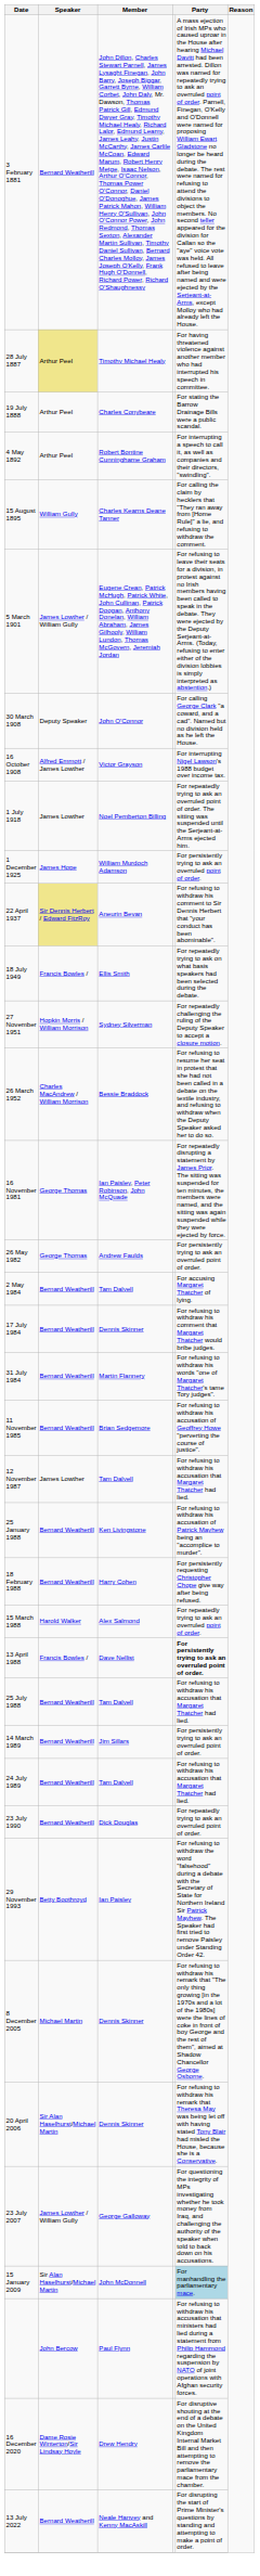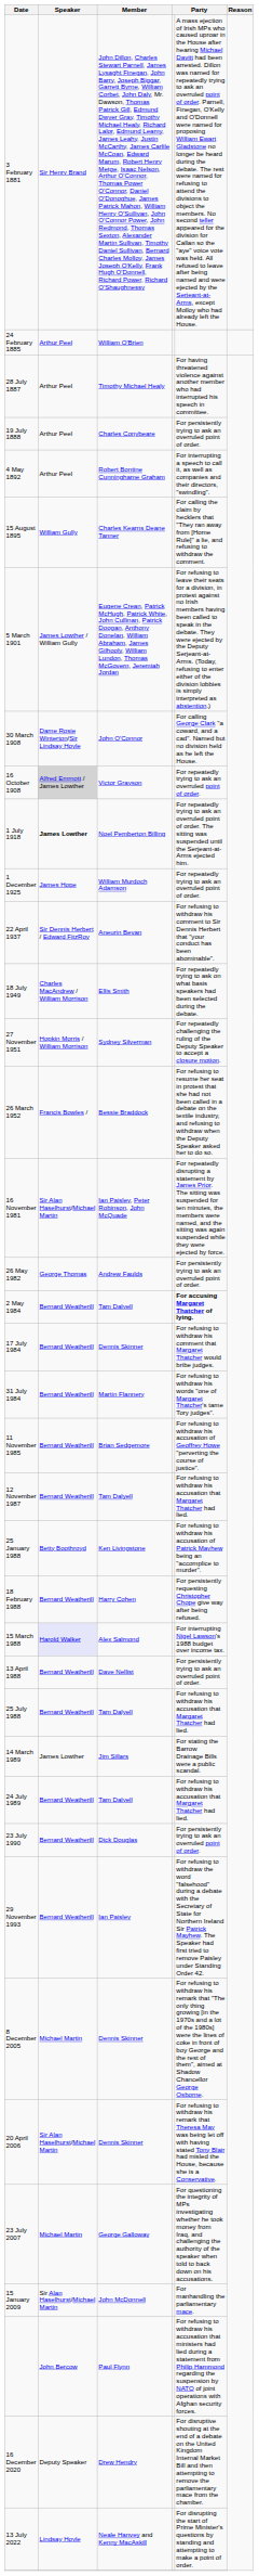 <table class="wikitable" style="float: left;">
 <tr>
 <th>Date</th>
 <th>Speaker</th>
 <th width=30%>Member</th>
 <th colspan=2>Party</th>
 <th>Reason</th>
 </tr>
 <tr>
 <td>3 February 1881</td>
-<td><a href='#'>Bernard Weatherill</a></td>
+<td><a href='#'>Sir Henry Brand</a></td>
 <td><a href='#'>John Dillon</a>, <a href='#'>Charles Stewart Parnell</a>, <a href='#'>James Lysaght Finegan</a>, <a href='#'>John Barry</a>, <a href='#'>Joseph Biggar</a>, <a href='#'>Garrett Byrne</a>, <a href='#'>William Corbet</a>, <a href='#'>John Daly</a>, Mr. Dawson, <a href='#'>Thomas Patrick Gill</a>, <a href='#'>Edmund Dwyer Gray</a>, <a href='#'>Timothy Michael Healy</a>, <a href='#'>Richard Lalor</a>, <a href='#'>Edmund Leamy</a>, <a href='#'>James Leahy</a>, <a href='#'>Justin McCarthy</a>, <a href='#'>James Carlile McCoan</a>, <a href='#'>Edward Marum</a>, <a href='#'>Robert Henry Metge</a>, <a href='#'>Isaac Nelson</a>, <a href='#'>Arthur O'Connor</a>, <a href='#'>Thomas Power O'Connor</a>, <a href='#'>Daniel O'Donoghue</a>, <a href='#'>James Patrick Mahon</a>, <a href='#'>William Henry O'Sullivan</a>, <a href='#'>John O'Connor Power</a>, <a href='#'>John Redmond</a>, <a href='#'>Thomas Sexton</a>, <a href='#'>Alexander Martin Sullivan</a>, <a href='#'>Timothy Daniel Sullivan</a>, <a href='#'>Bernard Charles Molloy</a>, <a href='#'>James Joseph O'Kelly</a>, <a href='#'>Frank Hugh O'Donnell</a>, <a href='#'>Richard Power</a>, <a href='#'>Richard O'Shaughnessy</a></td>
 <td></td>
 <td>A mass ejection of Irish MPs who caused uproar in the House after hearing <a href='#'>Michael Davitt</a> had been arrested. Dillon was named for repeatedly trying to ask an overruled <a href='#'>point of order</a>. Parnell, Finegan, O'Kelly and O'Donnell were named for proposing <a href='#'>William Ewart Gladstone</a> no longer be heard during the debate. The rest were named for refusing to attend the divisions to object the members. No second <a href='#'>teller</a> appeared for the division for Callan so the "aye" voice vote was held. All refused to leave after being named and were ejected by the <a href='#'>Serjeant-at-Arms</a>, except Molloy who had already left the House.</td>
 </tr>
 <tr>
+<td>24 February 1885</td>
+<td><a href='#'>Arthur Peel</a></td>
+<td><a href='#'>William O'Brien</a></td>
+<td style="background-color: "></td>
+<td></td>
+<td></td>
+</tr>
+<tr>
 <td>28 July 1887</td>
-<td style="background: khaki;">Arthur Peel</td>
+<td>Arthur Peel</td>
 <td><a href='#'>Timothy Michael Healy</a></td>
 <td></td>
 <td>For having threatened violence against another member who had interrupted his speech in committee.</td>
 </tr>
 <tr>
 <td>19 July 1888</td>
 <td>Arthur Peel</td>
 <td><a href='#'>Charles Conybeare</a></td>
 <td></td>
-<td>For stating the Barrow Drainage Bills were a public scandal.</td>
+<td>For persistently trying to ask an overruled point of order.</td>
 </tr>
 <tr>
 <td>4 May 1892</td>
 <td>Arthur Peel</td>
 <td><a href='#'>Robert Bontine Cunninghame Graham</a></td>
 <td></td>
 <td>For interrupting a speech to call it, as well as companies and their directors, "swindling".</td>
 </tr>
 <tr>
 <td>15 August 1895</td>
 <td><a href='#'>William Gully</a></td>
 <td><a href='#'>Charles Kearns Deane Tanner</a></td>
 <td></td>
 <td>For calling the claim by hecklers that "They ran away from [Home Rule]" a lie, and refusing to withdraw the comment.</td>
 </tr>
 <tr>
 <td>5 March 1901</td>
 <td><a href='#'>James Lowther</a> / William Gully</td>
 <td><a href='#'>Eugene Crean</a>, <a href='#'>Patrick McHugh</a>, <a href='#'>Patrick White</a>, <a href='#'>John Cullinan</a>, <a href='#'>Patrick Doogan</a>, <a href='#'>Anthony Donelan</a>, <a href='#'>William Abraham</a>, <a href='#'>James Gilhooly</a>, <a href='#'>William Lundon</a>, <a href='#'>Thomas McGovern</a>, <a href='#'>Jeremiah Jordan</a></td>
 <td></td>
 <td>For refusing to leave their seats for a division, in protest against no Irish members having been called to speak in the debate. They were ejected by the Deputy Serjeant-at-Arms. (Today, refusing to enter either of the division lobbies is simply interpreted as <a href='#'>abstention</a>.)</td>
 </tr>
 <tr>
 <td>30 March 1908</td>
-<td>Deputy Speaker</td>
+<td><a href='#'>Dame Rosie Winterton</a>/<a href='#'>Sir Lindsay Hoyle</a></td>
 <td><a href='#'>John O'Connor</a></td>
 <td></td>
 <td>For calling <a href='#'>George Clark</a> "a coward, and a cad". Named but no division held as he left the House.</td>
 </tr>
 <tr>
 <td>16 October 1908</td>
-<td><a href='#'>Alfred Emmott</a> / James Lowther</td>
+<td style="background: lightgrey;"><a href='#'>Alfred Emmott</a> / James Lowther</td>
 <td><a href='#'>Victor Grayson</a></td>
 <td></td>
-<td>For interrupting <a href='#'>Nigel Lawson</a>'s 1988 budget over income tax.</td>
+<td>For repeatedly trying to ask an overruled <a href='#'>point of order</a>.</td>
 </tr>
 <tr>
 <td>1 July 1918</td>
-<td>James Lowther</td>
+<td><strong>James Lowther</strong></td>
 <td><a href='#'>Noel Pemberton Billing</a></td>
 <td></td>
 <td>For repeatedly trying to ask an overruled point of order. The sitting was suspended until the Serjeant-at-Arms ejected him.</td>
 </tr>
 <tr>
 <td>1 December 1925</td>
 <td><a href='#'>James Hope</a></td>
 <td><a href='#'>William Murdoch Adamson</a></td>
 <td></td>
-<td>For persistently trying to ask an overruled <a href='#'>point of order</a>.</td>
+<td>For repeatedly trying to ask an overruled point of order.</td>
 </tr>
 <tr>
 <td>22 April 1937</td>
-<td style="background: khaki;"><a href='#'>Sir Dennis Herbert</a> / <a href='#'>Edward FitzRoy</a></td>
+<td><a href='#'>Sir Dennis Herbert</a> / <a href='#'>Edward FitzRoy</a></td>
 <td><a href='#'>Aneurin Bevan</a></td>
 <td></td>
 <td>For refusing to withdraw his comment to Sir Dennis Herbert that "your conduct has been abominable".</td>
 </tr>
 <tr>
 <td>18 July 1949</td>
-<td><a href='#'>Francis Bowles</a> / </td>
+<td><a href='#'>Charles MacAndrew</a> / <a href='#'>William Morrison</a></td>
 <td><a href='#'>Ellis Smith</a></td>
 <td></td>
 <td>For repeatedly trying to ask on what basis speakers had been selected during the debate.</td>
 </tr>
 <tr>
 <td>27 November 1951</td>
 <td><a href='#'>Hopkin Morris</a> / <a href='#'>William Morrison</a></td>
 <td><a href='#'>Sydney Silverman</a></td>
 <td></td>
 <td>For repeatedly challenging the ruling of the Deputy Speaker to accept a <a href='#'>closure motion</a>.</td>
 </tr>
 <tr>
 <td>26 March 1952</td>
-<td><a href='#'>Charles MacAndrew</a> / <a href='#'>William Morrison</a></td>
+<td><a href='#'>Francis Bowles</a> / </td>
 <td><a href='#'>Bessie Braddock</a></td>
 <td></td>
 <td>For refusing to resume her seat in protest that she had not been called in a debate on the textile industry, and refusing to withdraw when the Deputy Speaker asked her to do so.</td>
 </tr>
 <tr>
 <td>16 November 1981</td>
-<td><a href='#'>George Thomas</a></td>
+<td><a href='#'>Sir Alan Haselhurst</a>/<a href='#'>Michael Martin</a></td>
 <td><a href='#'>Ian Paisley</a>, <a href='#'>Peter Robinson</a>, <a href='#'>John McQuade</a></td>
 <td></td>
 <td>For repeatedly disrupting a statement by <a href='#'>James Prior</a>. The sitting was suspended for ten minutes, the members were named, and the sitting was again suspended while they were ejected by force.</td>
 </tr>
 <tr>
 <td>26 May 1982</td>
 <td><a href='#'>George Thomas</a></td>
 <td><a href='#'>Andrew Faulds</a></td>
 <td></td>
 <td>For persistently trying to ask an overruled point of order.</td>
 </tr>
 <tr>
 <td>2 May 1984</td>
 <td><a href='#'>Bernard Weatherill</a></td>
 <td><a href='#'>Tam Dalyell</a></td>
 <td></td>
-<td>For accusing <a href='#'>Margaret Thatcher</a> of lying.</td>
+<td><strong>For accusing <a href='#'>Margaret Thatcher</a> of lying.</strong></td>
 </tr>
 <tr>
 <td>17 July 1984</td>
 <td><a href='#'>Bernard Weatherill</a></td>
 <td><a href='#'>Dennis Skinner</a></td>
 <td></td>
 <td>For refusing to withdraw his comment that <a href='#'>Margaret Thatcher</a> would bribe judges.</td>
 </tr>
 <tr>
 <td>31 July 1984</td>
 <td><a href='#'>Bernard Weatherill</a></td>
 <td><a href='#'>Martin Flannery</a></td>
 <td></td>
 <td>For refusing to withdraw his words "one of <a href='#'>Margaret Thatcher</a>'s tame Tory judges".</td>
 </tr>
 <tr>
 <td>11 November 1985</td>
 <td><a href='#'>Bernard Weatherill</a></td>
 <td><a href='#'>Brian Sedgemore</a></td>
 <td></td>
 <td>For refusing to withdraw his accusation of <a href='#'>Geoffrey Howe</a> "perverting the course of justice".</td>
 </tr>
 <tr>
 <td>12 November 1987</td>
-<td>James Lowther</td>
+<td><a href='#'>Bernard Weatherill</a></td>
 <td><a href='#'>Tam Dalyell</a></td>
 <td></td>
 <td>For refusing to withdraw his accusation that <a href='#'>Margaret Thatcher</a> had lied.</td>
 </tr>
 <tr>
 <td>25 January 1988</td>
-<td><a href='#'>Bernard Weatherill</a></td>
+<td><a href='#'>Betty Boothroyd</a></td>
 <td><a href='#'>Ken Livingstone</a></td>
 <td></td>
 <td>For refusing to withdraw his accusation of <a href='#'>Patrick Mayhew</a> being an "accomplice to murder".</td>
 </tr>
 <tr>
 <td>18 February 1988</td>
 <td><a href='#'>Bernard Weatherill</a></td>
 <td><a href='#'>Harry Cohen</a></td>
 <td></td>
 <td>For persistently requesting <a href='#'>Christopher Chope</a> give way after being refused.</td>
 </tr>
 <tr>
 <td>15 March 1988</td>
-<td><a href='#'>Harold Walker</a></td>
+<td style="background: lavender;"><a href='#'>Harold Walker</a></td>
 <td><a href='#'>Alex Salmond</a></td>
 <td></td>
-<td>For repeatedly trying to ask an overruled <a href='#'>point of order</a>.</td>
+<td>For interrupting <a href='#'>Nigel Lawson</a>'s 1988 budget over income tax.</td>
 </tr>
 <tr>
 <td>13 April 1988</td>
-<td><a href='#'>Francis Bowles</a> / </td>
+<td><a href='#'>Bernard Weatherill</a></td>
 <td><a href='#'>Dave Nellist</a></td>
 <td></td>
-<td><strong>For persistently trying to ask an overruled point of order.</strong></td>
+<td>For persistently trying to ask an overruled point of order.</td>
 </tr>
 <tr>
 <td>25 July 1988</td>
 <td><a href='#'>Bernard Weatherill</a></td>
 <td><a href='#'>Tam Dalyell</a></td>
 <td></td>
 <td>For refusing to withdraw his accusation that <a href='#'>Margaret Thatcher</a> had lied.</td>
 </tr>
 <tr>
 <td>14 March 1989</td>
-<td><a href='#'>Bernard Weatherill</a></td>
+<td>James Lowther</td>
 <td><a href='#'>Jim Sillars</a></td>
 <td></td>
-<td>For persistently trying to ask an overruled point of order.</td>
+<td>For stating the Barrow Drainage Bills were a public scandal.</td>
 </tr>
 <tr>
 <td>24 July 1989</td>
 <td><a href='#'>Bernard Weatherill</a></td>
 <td><a href='#'>Tam Dalyell</a></td>
 <td></td>
 <td>For refusing to withdraw his accusation that <a href='#'>Margaret Thatcher</a> had lied.</td>
 </tr>
 <tr>
 <td>23 July 1990</td>
 <td><a href='#'>Bernard Weatherill</a></td>
 <td><a href='#'>Dick Douglas</a></td>
 <td></td>
-<td>For repeatedly trying to ask an overruled point of order.</td>
+<td>For persistently trying to ask an overruled <a href='#'>point of order</a>.</td>
 </tr>
 <tr>
 <td>29 November 1993</td>
-<td><a href='#'>Betty Boothroyd</a></td>
+<td><a href='#'>Bernard Weatherill</a></td>
 <td><a href='#'>Ian Paisley</a></td>
 <td></td>
 <td>For refusing to withdraw the word "falsehood" during a debate with the Secretary of State for Northern Ireland Sir <a href='#'>Patrick Mayhew</a>. The Speaker had first tried to remove Paisley under Standing Order 42.</td>
 </tr>
 <tr>
 <td>8 December 2005</td>
 <td><a href='#'>Michael Martin</a></td>
 <td><a href='#'>Dennis Skinner</a></td>
 <td></td>
 <td>For refusing to withdraw his remark that "The only thing growing [in the 1970s and a lot of the 1980s] were the lines of coke in front of boy George and the rest of them", aimed at Shadow Chancellor <a href='#'>George Osborne</a>.</td>
 </tr>
 <tr>
 <td>20 April 2006</td>
 <td><a href='#'>Sir Alan Haselhurst</a>/<a href='#'>Michael Martin</a></td>
 <td><a href='#'>Dennis Skinner</a></td>
 <td></td>
 <td>For refusing to withdraw his remark that <a href='#'>Theresa May</a> was being let off with having stated <a href='#'>Tony Blair</a> had misled the House, because she is a <a href='#'>Conservative</a>.</td>
 </tr>
 <tr>
 <td>23 July 2007</td>
-<td><a href='#'>James Lowther</a> / William Gully</td>
+<td><a href='#'>Michael Martin</a></td>
 <td><a href='#'>George Galloway</a></td>
 <td></td>
 <td>For questioning the integrity of MPs investigating whether he took money from Iraq, and challenging the authority of the speaker when told to back down on his accusations.</td>
 </tr>
 <tr>
 <td>15 January 2009</td>
 <td>Sir <a href='#'>Alan Haselhurst</a>/<a href='#'>Michael Martin</a></td>
 <td><a href='#'>John McDonnell</a></td>
 <td></td>
-<td style="background: lightblue;">For manhandling the parliamentary <a href='#'>mace</a>.</td>
+<td>For manhandling the parliamentary <a href='#'>mace</a>.</td>
 </tr>
 <tr>
 <td></td>
 <td><a href='#'>John Bercow</a></td>
 <td><a href='#'>Paul Flynn</a></td>
 <td></td>
 <td>For refusing to withdraw his accusation that ministers had lied during a statement from <a href='#'>Philip Hammond</a> regarding the suspension by <a href='#'>NATO</a> of joint operations with Afghan security forces.</td>
 </tr>
 <tr>
 <td>16 December 2020</td>
-<td><a href='#'>Dame Rosie Winterton</a>/<a href='#'>Sir Lindsay Hoyle</a></td>
+<td>Deputy Speaker</td>
 <td><a href='#'>Drew Hendry</a></td>
 <td></td>
 <td>For disruptive shouting at the end of a debate on the United Kingdom Internal Market Bill and then attempting to remove the parliamentary mace from the chamber.</td>
 </tr>
 <tr>
 <td>13 July 2022</td>
-<td><a href='#'>Bernard Weatherill</a></td>
+<td><a href='#'>Lindsay Hoyle</a></td>
 <td><a href='#'>Neale Hanvey</a> and <a href='#'>Kenny MacAskill</a></td>
 <td></td>
 <td>For disrupting the start of Prime Minister's questions by standing and attempting to make a point of order.</td>
 </tr>
 <tr>
 </tr>
 </table>
